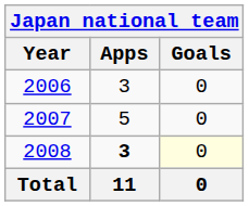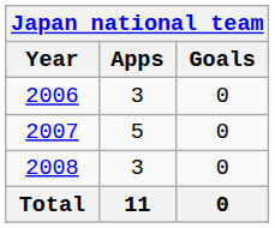 <table class="wikitable" style="text-align:center">
 <tr>
 <th colspan=3><a href='#'>Japan national team</a></th>
 </tr>
 <tr>
 <th>Year</th>
 <th>Apps</th>
 <th>Goals</th>
 </tr>
 <tr>
 <td><a href='#'>2006</a></td>
 <td>3</td>
 <td>0</td>
 </tr>
 <tr>
 <td><a href='#'>2007</a></td>
 <td>5</td>
 <td>0</td>
 </tr>
 <tr>
 <td><a href='#'>2008</a></td>
-<td><strong>3</strong></td>
-<td style="background: lightyellow;">0</td>
+<td>3</td>
+<td>0</td>
 </tr>
 <tr>
 <th>Total</th>
 <th>11</th>
 <th>0</th>
 </tr>
 </table>
